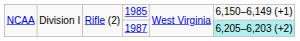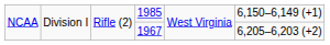 <table class="wikitable" width=>
 <tr align="center">
 <td rowspan="2"><a href='#'>NCAA</a></td>
 <td rowspan="2">Division I</td>
 <td rowspan="2"><a href='#'>Rifle</a> (2)</td>
 <td><a href='#'>1985</a></td>
 <td rowspan="2"><a href='#'>West Virginia</a></td>
 <td>6,150–6,149 (+1)</td>
 </tr>
 <tr align="center">
-<td><a href='#'>1987</a></td>
-<td style="background: paleturquoise;">6,205–6,203 (+2)</td>
+<td><a href='#'>1967</a></td>
+<td>6,205–6,203 (+2)</td>
 </tr>
 </table>
